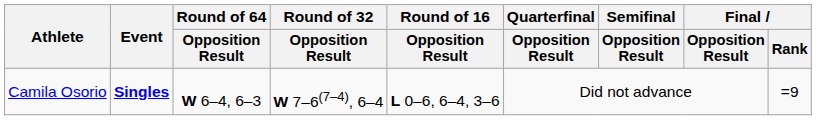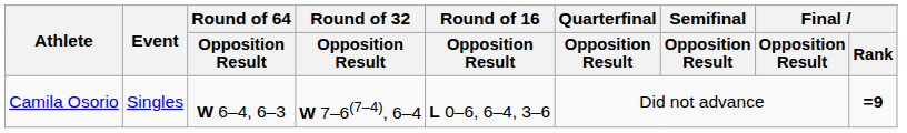 <table class="wikitable" style="font-size:90%;">
 <tr>
 <th rowspan=2>Athlete</th>
 <th rowspan=2>Event</th>
 <th>Round of 64</th>
 <th>Round of 32</th>
 <th>Round of 16</th>
 <th>Quarterfinal</th>
 <th>Semifinal</th>
 <th colspan=2>Final / </th>
 </tr>
 <tr style="font-size:95%">
 <th>Opposition<br>Result</th>
 <th>Opposition<br>Result</th>
 <th>Opposition<br>Result</th>
 <th>Opposition<br>Result</th>
 <th>Opposition<br>Result</th>
 <th>Opposition<br>Result</th>
 <th>Rank</th>
 </tr>
 <tr align=center>
 <td align=left><a href='#'>Camila Osorio</a></td>
-<td align=left><strong><a href='#'>Singles</a></strong></td>
+<td align=left><a href='#'>Singles</a></td>
 <td><br><strong>W</strong> 6–4, 6–3</td>
 <td><br><strong>W</strong> 7–6<sup>(7–4)</sup>, 6–4</td>
 <td><br><strong>L</strong> 0–6, 6–4, 3–6</td>
 <td colspan=3>Did not advance</td>
-<td>=9</td>
+<td><strong>=9</strong></td>
 </tr>
 </table>
